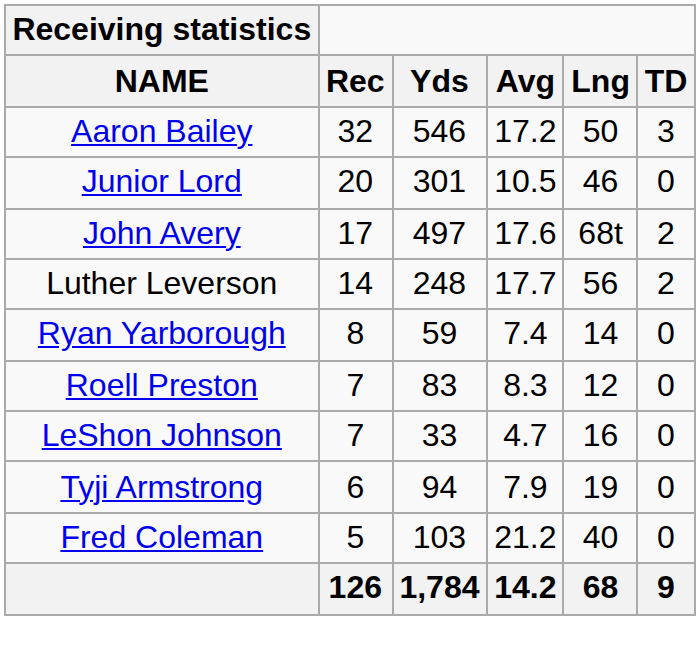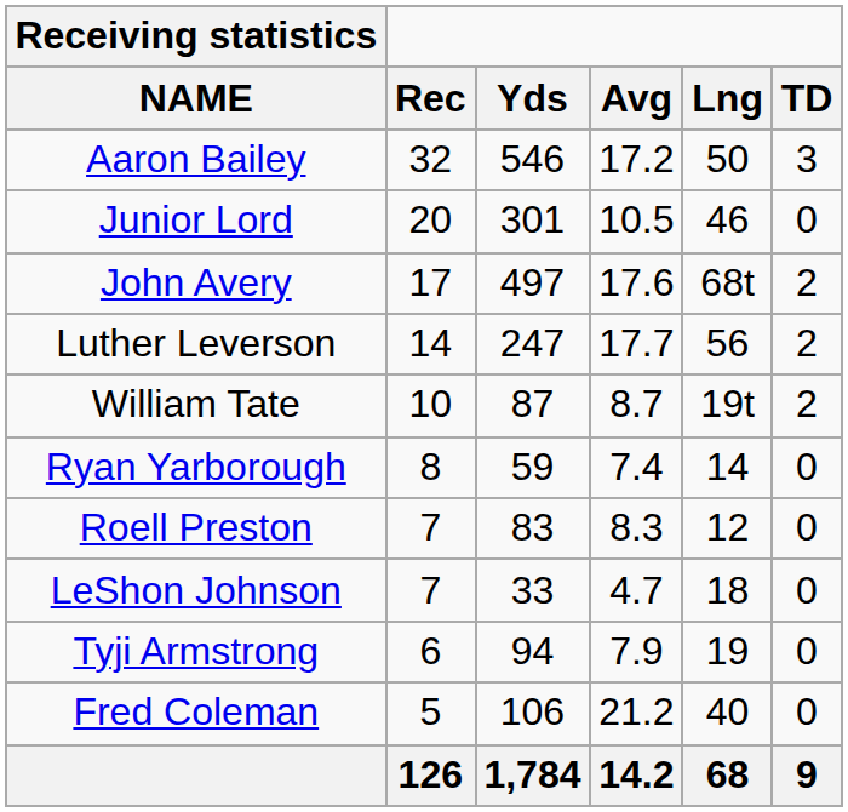 <table class="wikitable sortable" style="text-align:center;">
 <tr>
 <th style="text-align:center;">Receiving statistics</th>
 </tr>
 <tr>
 <th>NAME</th>
 <th>Rec</th>
 <th>Yds</th>
 <th>Avg</th>
 <th>Lng</th>
 <th>TD</th>
 </tr>
 <tr>
 <td><a href='#'>Aaron Bailey</a></td>
 <td>32</td>
 <td>546</td>
 <td>17.2</td>
 <td>50</td>
 <td>3</td>
 </tr>
 <tr>
 <td><a href='#'>Junior Lord</a></td>
 <td>20</td>
 <td>301</td>
 <td>10.5</td>
 <td>46</td>
 <td>0</td>
 </tr>
 <tr>
 <td><a href='#'>John Avery</a></td>
 <td>17</td>
 <td>497</td>
 <td>17.6</td>
 <td>68t</td>
 <td>2</td>
 </tr>
 <tr>
 <td>Luther Leverson</td>
 <td>14</td>
-<td>248</td>
+<td>247</td>
 <td>17.7</td>
 <td>56</td>
+<td>2</td>
+</tr>
+<tr>
+<td>William Tate</td>
+<td>10</td>
+<td>87</td>
+<td>8.7</td>
+<td>19t</td>
 <td>2</td>
 </tr>
 <tr>
 <td><a href='#'>Ryan Yarborough</a></td>
 <td>8</td>
 <td>59</td>
 <td>7.4</td>
 <td>14</td>
 <td>0</td>
 </tr>
 <tr>
 <td><a href='#'>Roell Preston</a></td>
 <td>7</td>
 <td>83</td>
 <td>8.3</td>
 <td>12</td>
 <td>0</td>
 </tr>
 <tr>
 <td><a href='#'>LeShon Johnson</a></td>
 <td>7</td>
 <td>33</td>
 <td>4.7</td>
-<td>16</td>
+<td>18</td>
 <td>0</td>
 </tr>
 <tr>
 <td><a href='#'>Tyji Armstrong</a></td>
 <td>6</td>
 <td>94</td>
 <td>7.9</td>
 <td>19</td>
 <td>0</td>
 </tr>
 <tr>
 <td><a href='#'>Fred Coleman</a></td>
 <td>5</td>
-<td>103</td>
+<td>106</td>
 <td>21.2</td>
 <td>40</td>
 <td>0</td>
 </tr>
 <tr>
 <th colspan="1"></th>
 <th>126</th>
 <th>1,784</th>
 <th>14.2</th>
 <th>68</th>
 <th>9</th>
 </tr>
 </table>
